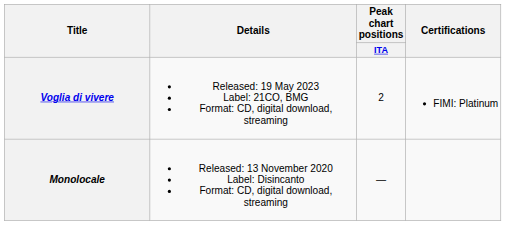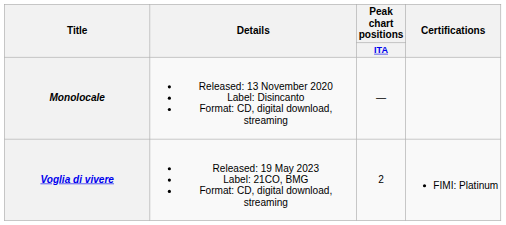 <table class="wikitable plainrowheaders" style="text-align:center;">
 <tr>
 <th scope="col" rowspan="2" style="width:14em;">Title</th>
 <th scope="col" rowspan="2" style="width:20em;">Details</th>
 <th scope="col" colspan="1">Peak chart positions</th>
 <th scope="col" rowspan="2">Certifications</th>
 </tr>
 <tr>
 <th scope="col" style="width:3em;font-size:90%;"><a href='#'>ITA</a><br></th>
 </tr>
 <tr>
+<th scope="row"><em>Monolocale</em></th>
+<td><br><ul><li>Released: 13 November 2020</li><li>Label: Disincanto</li><li>Format: CD, digital download, streaming</li></ul></td>
+<td>―</td>
+<td></td>
+</tr>
+<tr>
 <th scope="row"><em><a href='#'>Voglia di vivere</a></em></th>
 <td><br><ul><li>Released: 19 May 2023</li><li>Label: 21CO, BMG</li><li>Format: CD, digital download, streaming</li></ul></td>
 <td>2</td>
 <td><br><ul><li>FIMI: Platinum</li></ul></td>
 </tr>
-<tr>
-<th scope="row"><em>Monolocale</em></th>
-<td><br><ul><li>Released: 13 November 2020</li><li>Label: Disincanto</li><li>Format: CD, digital download, streaming</li></ul></td>
-<td>―</td>
-<td></td>
-</tr>
 </table>
